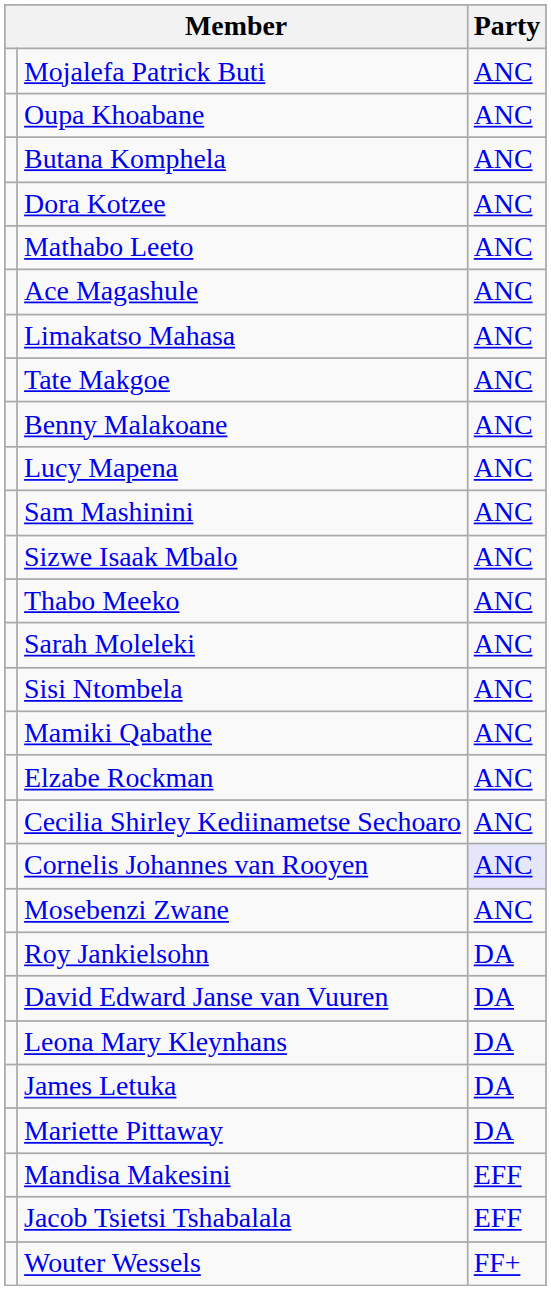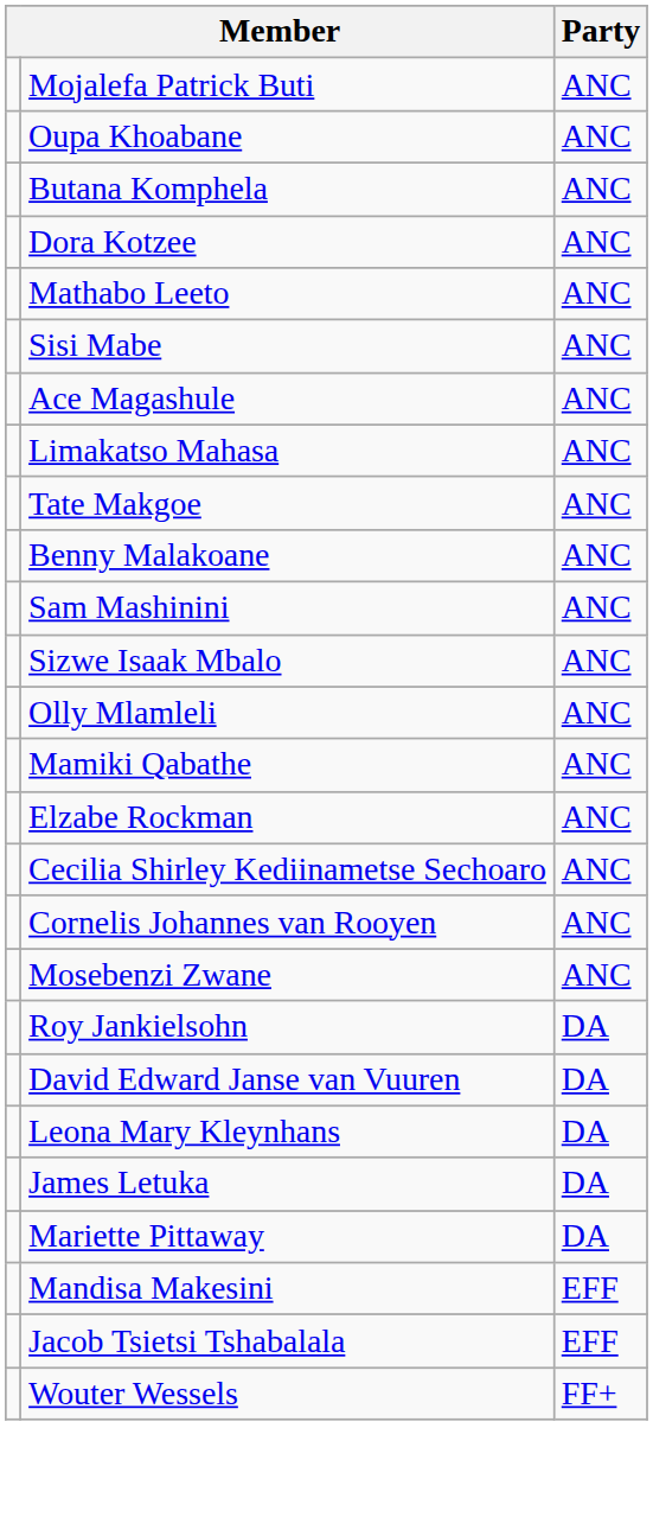 <table class="wikitable sortable">
 <tr>
 <th colspan="2">Member</th>
 <th>Party</th>
 </tr>
 <tr>
 <td style="background-color: "></td>
 <td><a href='#'>Mojalefa Patrick Buti</a></td>
 <td><a href='#'>ANC</a></td>
 </tr>
 <tr>
 <td style="background-color: "></td>
 <td><a href='#'>Oupa Khoabane</a></td>
 <td><a href='#'>ANC</a></td>
 </tr>
 <tr>
 <td style="background-color: "></td>
 <td><a href='#'>Butana Komphela</a></td>
 <td><a href='#'>ANC</a></td>
 </tr>
 <tr>
 <td style="background-color: "></td>
 <td><a href='#'>Dora Kotzee</a></td>
 <td><a href='#'>ANC</a></td>
 </tr>
 <tr>
 <td style="background-color: "></td>
 <td><a href='#'>Mathabo Leeto</a></td>
 <td><a href='#'>ANC</a></td>
 </tr>
 <tr>
 <td style="background-color: "></td>
+<td><a href='#'>Sisi Mabe</a></td>
+<td><a href='#'>ANC</a></td>
+</tr>
+<tr>
+<td style="background-color: "></td>
 <td><a href='#'>Ace Magashule</a></td>
 <td><a href='#'>ANC</a></td>
 </tr>
 <tr>
 <td style="background-color: "></td>
 <td><a href='#'>Limakatso Mahasa</a></td>
 <td><a href='#'>ANC</a></td>
 </tr>
 <tr>
 <td style="background-color: "></td>
 <td><a href='#'>Tate Makgoe</a></td>
 <td><a href='#'>ANC</a></td>
 </tr>
 <tr>
 <td style="background-color: "></td>
 <td><a href='#'>Benny Malakoane</a></td>
 <td><a href='#'>ANC</a></td>
 </tr>
 <tr>
 <td style="background-color: "></td>
-<td><a href='#'>Lucy Mapena</a></td>
-<td><a href='#'>ANC</a></td>
-</tr>
-<tr>
-<td style="background-color: "></td>
 <td><a href='#'>Sam Mashinini</a></td>
 <td><a href='#'>ANC</a></td>
 </tr>
 <tr>
 <td style="background-color: "></td>
 <td><a href='#'>Sizwe Isaak Mbalo</a></td>
 <td><a href='#'>ANC</a></td>
 </tr>
 <tr>
 <td style="background-color: "></td>
-<td><a href='#'>Thabo Meeko</a></td>
-<td><a href='#'>ANC</a></td>
-</tr>
-<tr>
-<td style="background-color: "></td>
-<td><a href='#'>Sarah Moleleki</a></td>
-<td><a href='#'>ANC</a></td>
-</tr>
-<tr>
-<td style="background-color: "></td>
-<td><a href='#'>Sisi Ntombela</a></td>
+<td><a href='#'>Olly Mlamleli</a></td>
 <td><a href='#'>ANC</a></td>
 </tr>
 <tr>
 <td style="background-color: "></td>
 <td><a href='#'>Mamiki Qabathe</a></td>
 <td><a href='#'>ANC</a></td>
 </tr>
 <tr>
 <td style="background-color: "></td>
 <td><a href='#'>Elzabe Rockman</a></td>
 <td><a href='#'>ANC</a></td>
 </tr>
 <tr>
 <td style="background-color: "></td>
 <td><a href='#'>Cecilia Shirley Kediinametse Sechoaro</a></td>
 <td><a href='#'>ANC</a></td>
 </tr>
 <tr>
 <td style="background-color: "></td>
 <td><a href='#'>Cornelis Johannes van Rooyen</a></td>
-<td style="background: lavender;"><a href='#'>ANC</a></td>
+<td><a href='#'>ANC</a></td>
 </tr>
 <tr>
 <td style="background-color: "></td>
 <td><a href='#'>Mosebenzi Zwane</a></td>
 <td><a href='#'>ANC</a></td>
 </tr>
 <tr>
 <td style="background-color: "></td>
 <td><a href='#'>Roy Jankielsohn</a></td>
 <td><a href='#'>DA</a></td>
 </tr>
 <tr>
 <td style="background-color: "></td>
 <td><a href='#'>David Edward Janse van Vuuren</a></td>
 <td><a href='#'>DA</a></td>
 </tr>
 <tr>
 <td style="background-color: "></td>
 <td><a href='#'>Leona Mary Kleynhans</a></td>
 <td><a href='#'>DA</a></td>
 </tr>
 <tr>
 <td style="background-color: "></td>
 <td><a href='#'>James Letuka</a></td>
 <td><a href='#'>DA</a></td>
 </tr>
 <tr>
 <td style="background-color: "></td>
 <td><a href='#'>Mariette Pittaway</a></td>
 <td><a href='#'>DA</a></td>
 </tr>
 <tr>
 <td></td>
 <td><a href='#'>Mandisa Makesini</a></td>
 <td><a href='#'>EFF</a></td>
 </tr>
 <tr>
 <td></td>
 <td><a href='#'>Jacob Tsietsi Tshabalala</a></td>
 <td><a href='#'>EFF</a></td>
 </tr>
 <tr>
 <td style="background-color: "></td>
 <td><a href='#'>Wouter Wessels</a></td>
 <td><a href='#'>FF+</a></td>
 </tr>
 </table>
